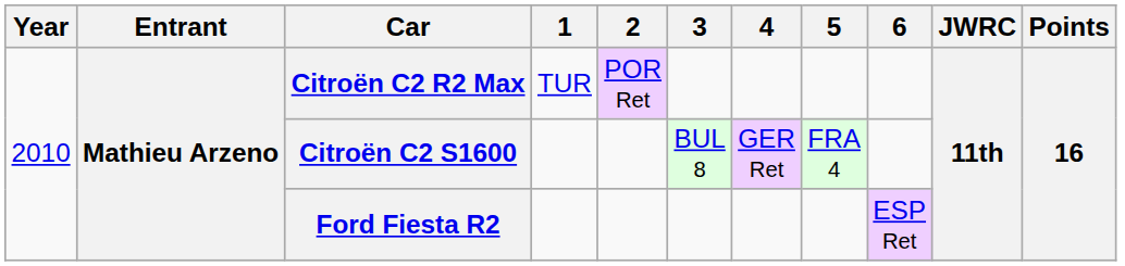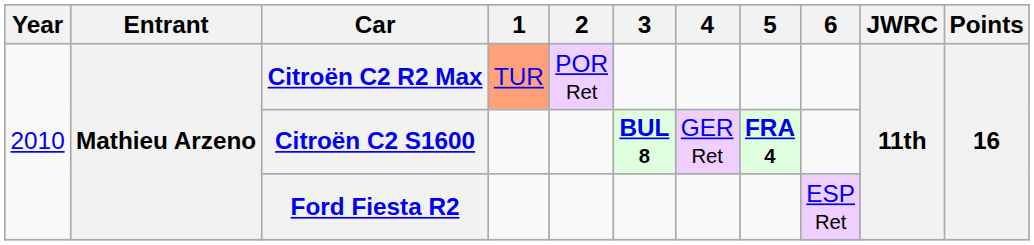 <table class="wikitable" border="1" style="text-align:center; font-size:90%;">
 <tr>
 <th>Year</th>
 <th>Entrant</th>
 <th>Car</th>
 <th>1</th>
 <th>2</th>
 <th>3</th>
 <th>4</th>
 <th>5</th>
 <th>6</th>
 <th>JWRC</th>
 <th>Points</th>
 </tr>
 <tr>
 <td rowspan=3><a href='#'>2010</a></td>
 <th rowspan=3>Mathieu Arzeno</th>
 <th><a href='#'>Citroën C2 R2 Max</a></th>
-<td><a href='#'>TUR</a></td>
+<td style="background: lightsalmon;"><a href='#'>TUR</a></td>
 <td style="background:#EFCFFF;"><a href='#'>POR</a><br><small>Ret</small></td>
 <td></td>
 <td></td>
 <td></td>
 <td></td>
 <th rowspan=3>11th</th>
 <th rowspan=3>16</th>
 </tr>
 <tr>
 <th><a href='#'>Citroën C2 S1600</a></th>
 <td></td>
 <td></td>
-<td style="background:#DFFFDF;"><a href='#'>BUL</a><br><small>8</small></td>
+<td style="background:#DFFFDF;"><strong><a href='#'>BUL</a><br><small>8</small></strong></td>
 <td style="background:#EFCFFF;"><a href='#'>GER</a><br><small>Ret</small></td>
-<td style="background:#DFFFDF;"><a href='#'>FRA</a><br><small>4</small></td>
+<td style="background:#DFFFDF;"><strong><a href='#'>FRA</a><br><small>4</small></strong></td>
 <td></td>
 </tr>
 <tr>
 <th><a href='#'>Ford Fiesta R2</a></th>
 <td></td>
 <td></td>
 <td></td>
 <td></td>
 <td></td>
 <td style="background:#EFCFFF;"><a href='#'>ESP</a><br><small>Ret</small></td>
 </tr>
 </table>
